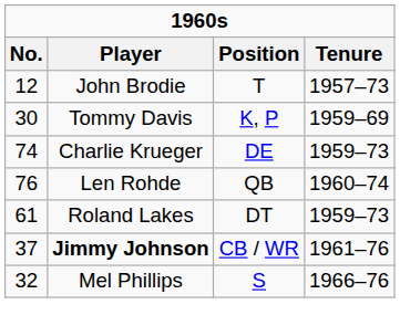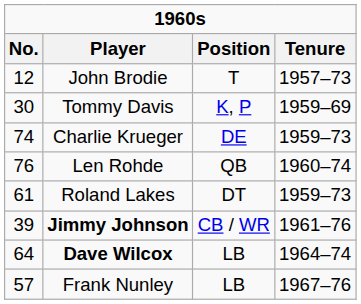 <table class="wikitable" style="text-align:center">
 <tr>
 <td colspan="4"><strong>1960s</strong></td>
 </tr>
 <tr>
 <th>No.</th>
 <th>Player</th>
 <th>Position</th>
 <th>Tenure</th>
 </tr>
 <tr>
 <td>12</td>
 <td>John Brodie</td>
 <td>T</td>
 <td>1957–73</td>
 </tr>
 <tr>
 <td>30</td>
 <td>Tommy Davis</td>
 <td><a href='#'>K</a>, <a href='#'>P</a></td>
 <td>1959–69</td>
 </tr>
 <tr>
 <td>74</td>
 <td>Charlie Krueger</td>
 <td><a href='#'>DE</a></td>
 <td>1959–73</td>
 </tr>
 <tr>
 <td>76</td>
 <td>Len Rohde</td>
 <td>QB</td>
 <td>1960–74</td>
 </tr>
 <tr>
 <td>61</td>
 <td>Roland Lakes</td>
 <td>DT</td>
 <td>1959–73</td>
 </tr>
 <tr>
-<td>37</td>
+<td>39</td>
 <td><strong>Jimmy Johnson</strong></td>
 <td><a href='#'>CB</a> / <a href='#'>WR</a></td>
 <td>1961–76</td>
 </tr>
 <tr>
-<td>32</td>
-<td>Mel Phillips</td>
-<td><a href='#'>S</a></td>
-<td>1966–76</td>
+<td>64</td>
+<td><strong>Dave Wilcox</strong></td>
+<td>LB</td>
+<td>1964–74</td>
+</tr>
+<tr>
+<td>57</td>
+<td>Frank Nunley</td>
+<td>LB</td>
+<td>1967–76</td>
 </tr>
 </table>
